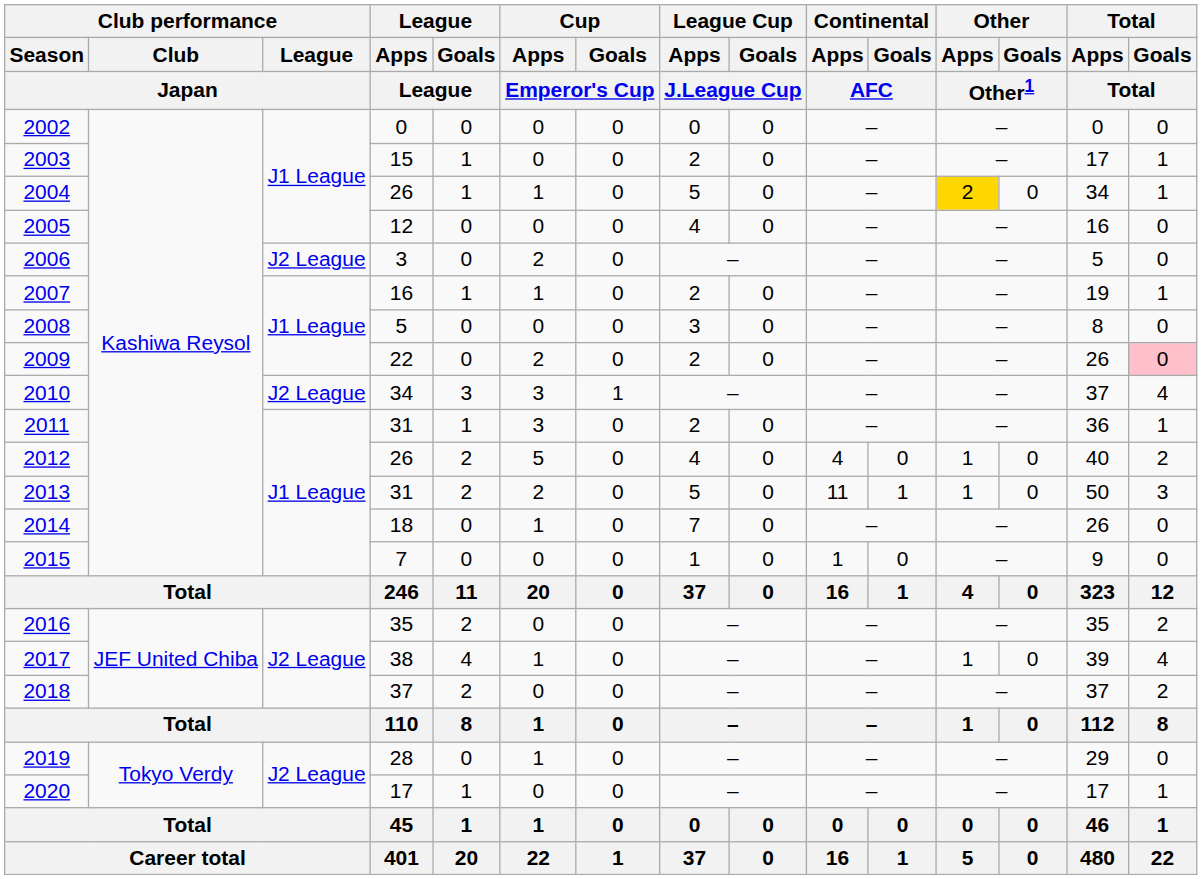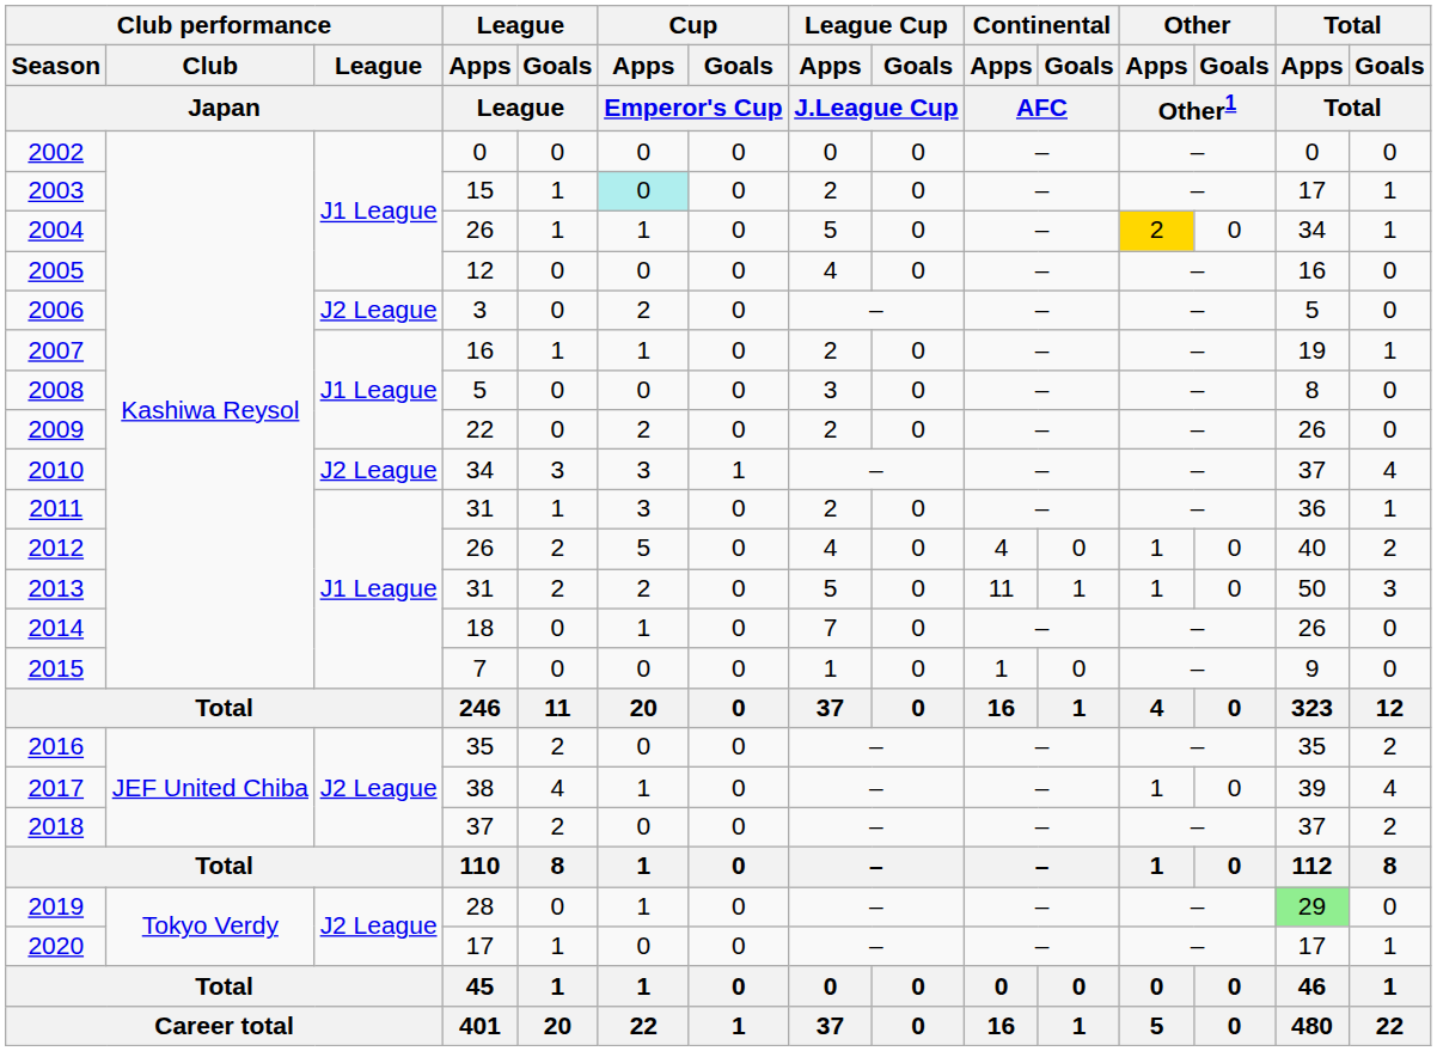 <table class="wikitable" style="text-align:center;">
 <tr>
 <th colspan=3>Club performance</th>
 <th colspan=2>League</th>
 <th colspan=2>Cup</th>
 <th colspan=2>League Cup</th>
 <th colspan=2>Continental</th>
 <th colspan=2>Other</th>
 <th colspan=2>Total</th>
 </tr>
 <tr>
 <th>Season</th>
 <th>Club</th>
 <th>League</th>
 <th>Apps</th>
 <th>Goals</th>
 <th>Apps</th>
 <th>Goals</th>
 <th>Apps</th>
 <th>Goals</th>
 <th>Apps</th>
 <th>Goals</th>
 <th>Apps</th>
 <th>Goals</th>
 <th>Apps</th>
 <th>Goals</th>
 </tr>
 <tr>
 <th colspan=3>Japan</th>
 <th colspan=2>League</th>
 <th colspan=2><a href='#'>Emperor's Cup</a></th>
 <th colspan=2><a href='#'>J.League Cup</a></th>
 <th colspan=2><a href='#'>AFC</a></th>
 <th colspan="2">Other<sup><a href='#'>1</a></sup></th>
 <th colspan=2>Total</th>
 </tr>
 <tr>
 <td><a href='#'>2002</a></td>
 <td rowspan="14"><a href='#'>Kashiwa Reysol</a></td>
 <td rowspan="4"><a href='#'>J1 League</a></td>
 <td>0</td>
 <td>0</td>
 <td>0</td>
 <td>0</td>
 <td>0</td>
 <td>0</td>
 <td colspan="2">–</td>
 <td colspan="2">–</td>
 <td>0</td>
 <td>0</td>
 </tr>
 <tr>
 <td><a href='#'>2003</a></td>
 <td>15</td>
 <td>1</td>
-<td>0</td>
+<td style="background: paleturquoise;">0</td>
 <td>0</td>
 <td>2</td>
 <td>0</td>
 <td colspan="2">–</td>
 <td colspan="2">–</td>
 <td>17</td>
 <td>1</td>
 </tr>
 <tr>
 <td><a href='#'>2004</a></td>
 <td>26</td>
 <td>1</td>
 <td>1</td>
 <td>0</td>
 <td>5</td>
 <td>0</td>
 <td colspan="2">–</td>
 <td style="background: gold;">2</td>
 <td>0</td>
 <td>34</td>
 <td>1</td>
 </tr>
 <tr>
 <td><a href='#'>2005</a></td>
 <td>12</td>
 <td>0</td>
 <td>0</td>
 <td>0</td>
 <td>4</td>
 <td>0</td>
 <td colspan="2">–</td>
 <td colspan="2">–</td>
 <td>16</td>
 <td>0</td>
 </tr>
 <tr>
 <td><a href='#'>2006</a></td>
 <td><a href='#'>J2 League</a></td>
 <td>3</td>
 <td>0</td>
 <td>2</td>
 <td>0</td>
 <td colspan="2">–</td>
 <td colspan="2">–</td>
 <td colspan="2">–</td>
 <td>5</td>
 <td>0</td>
 </tr>
 <tr>
 <td><a href='#'>2007</a></td>
 <td rowspan="3"><a href='#'>J1 League</a></td>
 <td>16</td>
 <td>1</td>
 <td>1</td>
 <td>0</td>
 <td>2</td>
 <td>0</td>
 <td colspan="2">–</td>
 <td colspan="2">–</td>
 <td>19</td>
 <td>1</td>
 </tr>
 <tr>
 <td><a href='#'>2008</a></td>
 <td>5</td>
 <td>0</td>
 <td>0</td>
 <td>0</td>
 <td>3</td>
 <td>0</td>
 <td colspan="2">–</td>
 <td colspan="2">–</td>
 <td>8</td>
 <td>0</td>
 </tr>
 <tr>
 <td><a href='#'>2009</a></td>
 <td>22</td>
 <td>0</td>
 <td>2</td>
 <td>0</td>
 <td>2</td>
 <td>0</td>
 <td colspan="2">–</td>
 <td colspan="2">–</td>
 <td>26</td>
-<td style="background: pink;">0</td>
+<td>0</td>
 </tr>
 <tr>
 <td><a href='#'>2010</a></td>
 <td><a href='#'>J2 League</a></td>
 <td>34</td>
 <td>3</td>
 <td>3</td>
 <td>1</td>
 <td colspan="2">–</td>
 <td colspan="2">–</td>
 <td colspan="2">–</td>
 <td>37</td>
 <td>4</td>
 </tr>
 <tr>
 <td><a href='#'>2011</a></td>
 <td rowspan="5"><a href='#'>J1 League</a></td>
 <td>31</td>
 <td>1</td>
 <td>3</td>
 <td>0</td>
 <td>2</td>
 <td>0</td>
 <td colspan="2">–</td>
 <td colspan="2">–</td>
 <td>36</td>
 <td>1</td>
 </tr>
 <tr>
 <td><a href='#'>2012</a></td>
 <td>26</td>
 <td>2</td>
 <td>5</td>
 <td>0</td>
 <td>4</td>
 <td>0</td>
 <td>4</td>
 <td>0</td>
 <td>1</td>
 <td>0</td>
 <td>40</td>
 <td>2</td>
 </tr>
 <tr>
 <td><a href='#'>2013</a></td>
 <td>31</td>
 <td>2</td>
 <td>2</td>
 <td>0</td>
 <td>5</td>
 <td>0</td>
 <td>11</td>
 <td>1</td>
 <td>1</td>
 <td>0</td>
 <td>50</td>
 <td>3</td>
 </tr>
 <tr>
 <td><a href='#'>2014</a></td>
 <td>18</td>
 <td>0</td>
 <td>1</td>
 <td>0</td>
 <td>7</td>
 <td>0</td>
 <td colspan="2">–</td>
 <td colspan="2">–</td>
 <td>26</td>
 <td>0</td>
 </tr>
 <tr>
 <td><a href='#'>2015</a></td>
 <td>7</td>
 <td>0</td>
 <td>0</td>
 <td>0</td>
 <td>1</td>
 <td>0</td>
 <td>1</td>
 <td>0</td>
 <td colspan="2">–</td>
 <td>9</td>
 <td>0</td>
 </tr>
 <tr>
 <th colspan="3">Total</th>
 <th>246</th>
 <th>11</th>
 <th>20</th>
 <th>0</th>
 <th>37</th>
 <th>0</th>
 <th>16</th>
 <th>1</th>
 <th>4</th>
 <th>0</th>
 <th>323</th>
 <th>12</th>
 </tr>
 <tr>
 <td><a href='#'>2016</a></td>
 <td rowspan="3"><a href='#'>JEF United Chiba</a></td>
 <td rowspan="3"><a href='#'>J2 League</a></td>
 <td>35</td>
 <td>2</td>
 <td>0</td>
 <td>0</td>
 <td colspan="2">–</td>
 <td colspan="2">–</td>
 <td colspan="2">–</td>
 <td>35</td>
 <td>2</td>
 </tr>
 <tr>
 <td><a href='#'>2017</a></td>
 <td>38</td>
 <td>4</td>
 <td>1</td>
 <td>0</td>
 <td colspan="2">–</td>
 <td colspan="2">–</td>
 <td>1</td>
 <td>0</td>
 <td>39</td>
 <td>4</td>
 </tr>
 <tr>
 <td><a href='#'>2018</a></td>
 <td>37</td>
 <td>2</td>
 <td>0</td>
 <td>0</td>
 <td colspan="2">–</td>
 <td colspan="2">–</td>
 <td colspan="2">–</td>
 <td>37</td>
 <td>2</td>
 </tr>
 <tr>
 <th colspan="3">Total</th>
 <th>110</th>
 <th>8</th>
 <th>1</th>
 <th>0</th>
 <th colspan="2">–</th>
 <th colspan="2">–</th>
 <th>1</th>
 <th>0</th>
 <th>112</th>
 <th>8</th>
 </tr>
 <tr>
 <td><a href='#'>2019</a></td>
 <td rowspan="2"><a href='#'>Tokyo Verdy</a></td>
 <td rowspan="2"><a href='#'>J2 League</a></td>
 <td>28</td>
 <td>0</td>
 <td>1</td>
 <td>0</td>
 <td colspan="2">–</td>
 <td colspan="2">–</td>
 <td colspan="2">–</td>
-<td>29</td>
+<td style="background: lightgreen;">29</td>
 <td>0</td>
 </tr>
 <tr>
 <td><a href='#'>2020</a></td>
 <td>17</td>
 <td>1</td>
 <td>0</td>
 <td>0</td>
 <td colspan="2">–</td>
 <td colspan="2">–</td>
 <td colspan="2">–</td>
 <td>17</td>
 <td>1</td>
 </tr>
 <tr>
 <th colspan="3">Total</th>
 <th>45</th>
 <th>1</th>
 <th>1</th>
 <th>0</th>
 <th>0</th>
 <th>0</th>
 <th>0</th>
 <th>0</th>
 <th>0</th>
 <th>0</th>
 <th>46</th>
 <th>1</th>
 </tr>
 <tr>
 <th colspan=3>Career total</th>
 <th>401</th>
 <th>20</th>
 <th>22</th>
 <th>1</th>
 <th>37</th>
 <th>0</th>
 <th>16</th>
 <th>1</th>
 <th>5</th>
 <th>0</th>
 <th>480</th>
 <th>22</th>
 </tr>
 </table>
